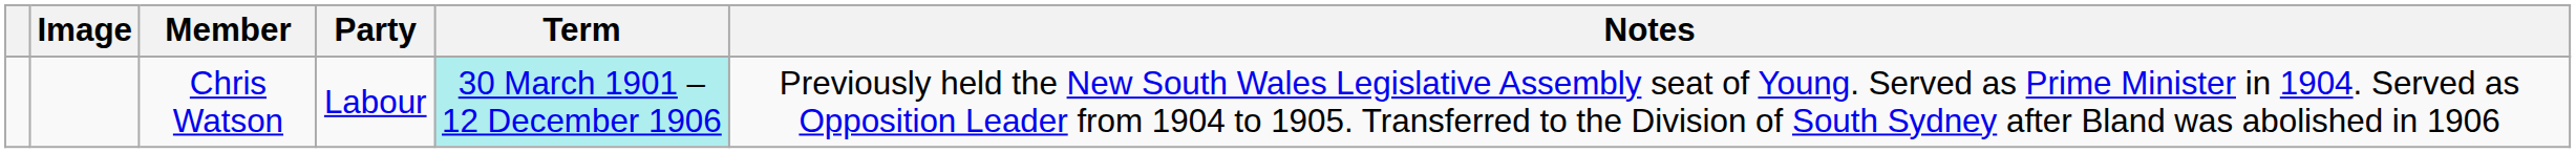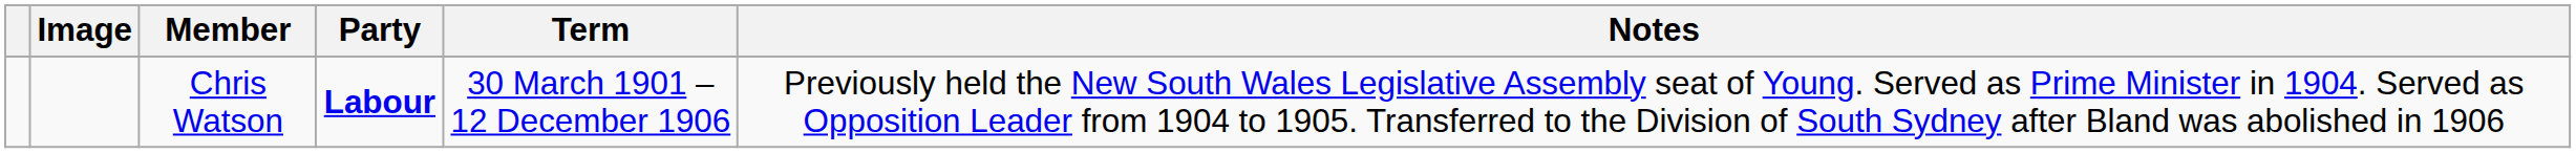 <table class=wikitable style="text-align:center">
 <tr>
 <th></th>
 <th>Image</th>
 <th>Member</th>
 <th>Party</th>
 <th>Term</th>
 <th>Notes</th>
 </tr>
 <tr>
 </tr>
 <tr>
 <td> </td>
 <td></td>
 <td><a href='#'>Chris Watson</a><br></td>
-<td><a href='#'>Labour</a></td>
-<td nowrap style="background: paleturquoise;"><a href='#'>30 March 1901</a> –<br><a href='#'>12 December 1906</a></td>
+<td><strong><a href='#'>Labour</a></strong></td>
+<td nowrap><a href='#'>30 March 1901</a> –<br><a href='#'>12 December 1906</a></td>
 <td>Previously held the <a href='#'>New South Wales Legislative Assembly</a> seat of <a href='#'>Young</a>. Served as <a href='#'>Prime Minister</a> in <a href='#'>1904</a>. Served as <a href='#'>Opposition Leader</a> from 1904 to 1905. Transferred to the Division of <a href='#'>South Sydney</a> after Bland was abolished in 1906</td>
 </tr>
 </table>
